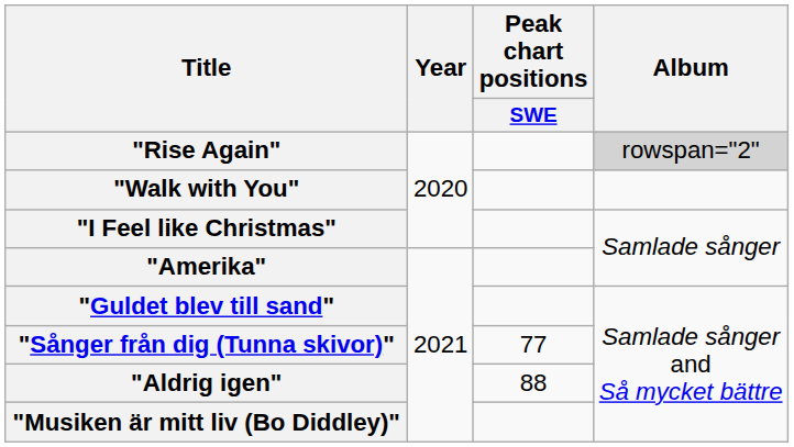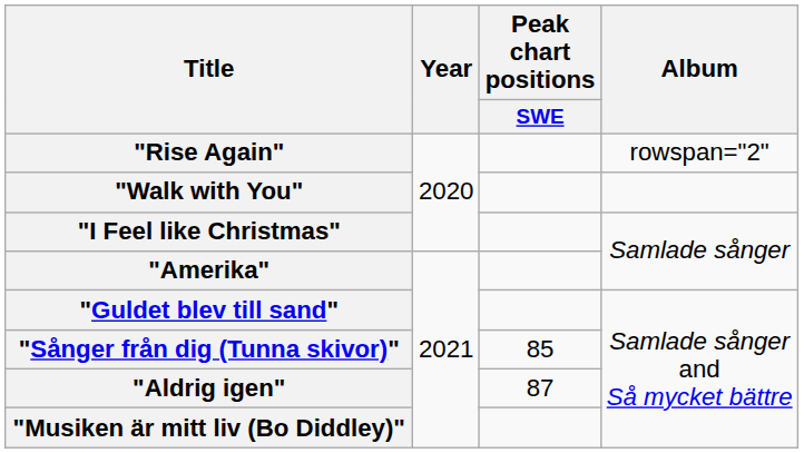 <table class="wikitable plainrowheaders" style="text-align:center;">
 <tr>
 <th scope="col" rowspan="2" style="width:16em;">Title</th>
 <th scope="col" rowspan="2" style="width:1em;">Year</th>
 <th scope="col" colspan="1">Peak chart positions</th>
 <th scope="col" rowspan="2">Album</th>
 </tr>
 <tr>
 <th scope="col" style="width:3em;font-size:85%;"><a href='#'>SWE</a><br></th>
 </tr>
 <tr>
 <th scope="row">"Rise Again"</th>
 <td rowspan=3>2020</td>
 <td></td>
-<td style="background: lightgrey;">rowspan="2"</td>
+<td>rowspan="2"</td>
 </tr>
 <tr>
 <th scope="row">"Walk with You"</th>
 <td></td>
 </tr>
 <tr>
 <th scope="row">"I Feel like Christmas"</th>
 <td></td>
 <td rowspan="2"><em>Samlade sånger</em></td>
 </tr>
 <tr>
 <th scope="row">"Amerika"</th>
 <td rowspan="5">2021</td>
 <td></td>
 </tr>
 <tr>
 <th scope="row">"<a href='#'>Guldet blev till sand</a>"</th>
 <td></td>
 <td rowspan="4"><em>Samlade sånger</em><br>and<br><em><a href='#'>Så mycket bättre</a></em></td>
 </tr>
 <tr>
 <th scope="row">"<a href='#'>Sånger från dig (Tunna skivor)</a>"</th>
-<td>77</td>
+<td>85</td>
 </tr>
 <tr>
 <th scope="row">"Aldrig igen"<br></th>
-<td>88<br></td>
+<td>87<br></td>
 </tr>
 <tr>
 <th scope="row">"Musiken är mitt liv (Bo Diddley)"</th>
 <td></td>
 </tr>
 </table>
